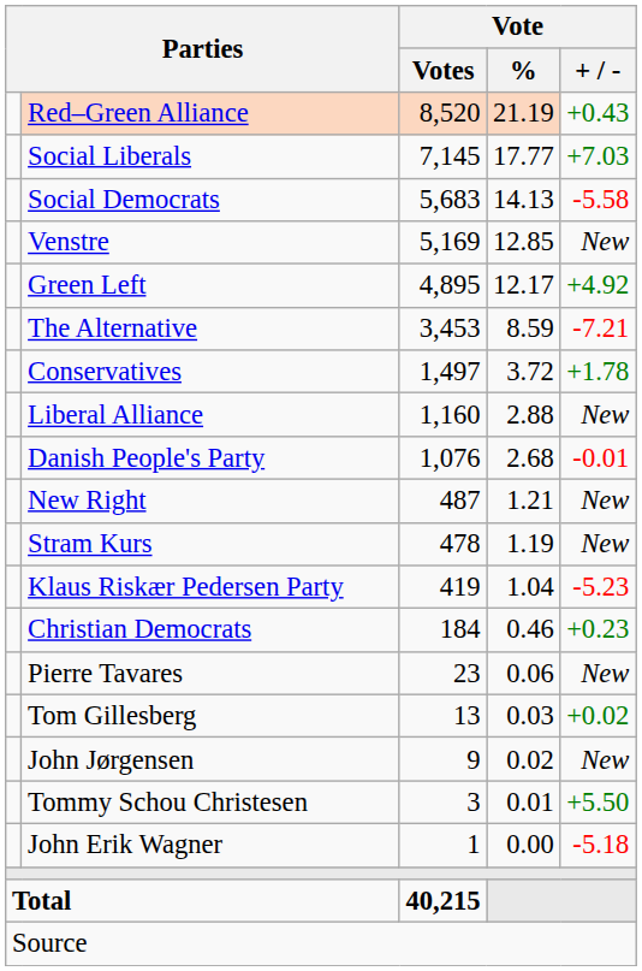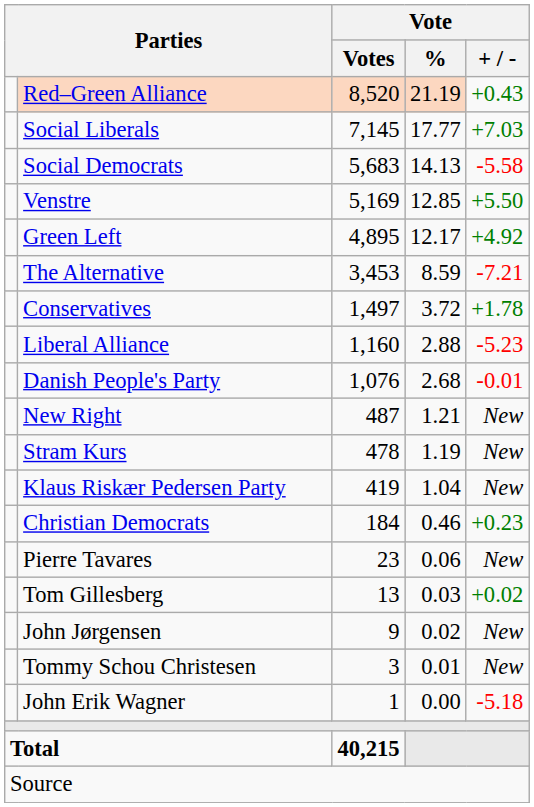 <table class="wikitable" style="text-align:right;">
 <tr>
 <th style="text-align:centre;" rowspan="2" colspan="2" width="225">Parties</th>
 <th colspan="3">Vote</th>
 </tr>
 <tr>
 <th width="15">Votes</th>
 <th width="15">%</th>
 <th width="15">+ / -</th>
 </tr>
 <tr>
 <td width="2" style="color:inherit;background:"></td>
 <td bgcolor=#fcd7c0  align="left"><a href='#'>Red–Green Alliance</a></td>
 <td bgcolor=#fcd7c0>8,520</td>
 <td bgcolor=#fcd7c0>21.19</td>
 <td style=color:green;>+0.43</td>
 </tr>
 <tr>
 <td width="2" style="color:inherit;background:"></td>
 <td align="left"><a href='#'>Social Liberals</a></td>
 <td>7,145</td>
 <td>17.77</td>
 <td style=color:green;>+7.03</td>
 </tr>
 <tr>
 <td width="2" style="color:inherit;background:"></td>
 <td align="left"><a href='#'>Social Democrats</a></td>
 <td>5,683</td>
 <td>14.13</td>
 <td style=color:red;>-5.58</td>
 </tr>
 <tr>
 <td width="2" style="color:inherit;background:"></td>
 <td align="left"><a href='#'>Venstre</a></td>
 <td>5,169</td>
 <td>12.85</td>
-<td><em>New</em></td>
+<td style=color:green;>+5.50</td>
 </tr>
 <tr>
 <td width="2" style="color:inherit;background:"></td>
 <td align="left"><a href='#'>Green Left</a></td>
 <td>4,895</td>
 <td>12.17</td>
 <td style=color:green;>+4.92</td>
 </tr>
 <tr>
 <td width="2" style="color:inherit;background:"></td>
 <td align="left"><a href='#'>The Alternative</a></td>
 <td>3,453</td>
 <td>8.59</td>
 <td style=color:red;>-7.21</td>
 </tr>
 <tr>
 <td width="2" style="color:inherit;background:"></td>
 <td align="left"><a href='#'>Conservatives</a></td>
 <td>1,497</td>
 <td>3.72</td>
 <td style=color:green;>+1.78</td>
 </tr>
 <tr>
 <td width="2" style="color:inherit;background:"></td>
 <td align="left"><a href='#'>Liberal Alliance</a></td>
 <td>1,160</td>
 <td>2.88</td>
-<td><em>New</em></td>
+<td style=color:red;>-5.23</td>
 </tr>
 <tr>
 <td width="2" style="color:inherit;background:"></td>
 <td align="left"><a href='#'>Danish People's Party</a></td>
 <td>1,076</td>
 <td>2.68</td>
 <td style=color:red;>-0.01</td>
 </tr>
 <tr>
 <td width="2" style="color:inherit;background:"></td>
 <td align="left"><a href='#'>New Right</a></td>
 <td>487</td>
 <td>1.21</td>
 <td><em>New</em></td>
 </tr>
 <tr>
 <td width="2" style="color:inherit;background:"></td>
 <td align="left"><a href='#'>Stram Kurs</a></td>
 <td>478</td>
 <td>1.19</td>
 <td><em>New</em></td>
 </tr>
 <tr>
 <td width="2" style="color:inherit;background:"></td>
 <td align="left"><a href='#'>Klaus Riskær Pedersen Party</a></td>
 <td>419</td>
 <td>1.04</td>
-<td style=color:red;>-5.23</td>
+<td><em>New</em></td>
 </tr>
 <tr>
 <td width="2" style="color:inherit;background:"></td>
 <td align="left"><a href='#'>Christian Democrats</a></td>
 <td>184</td>
 <td>0.46</td>
 <td style=color:green;>+0.23</td>
 </tr>
 <tr>
 <td width="2" style="color:inherit;background:"></td>
 <td align="left">Pierre Tavares</td>
 <td>23</td>
 <td>0.06</td>
 <td><em>New</em></td>
 </tr>
 <tr>
 <td width="2" style="color:inherit;background:"></td>
 <td align="left">Tom Gillesberg</td>
 <td>13</td>
 <td>0.03</td>
 <td style=color:green;>+0.02</td>
 </tr>
 <tr>
 <td width="2" style="color:inherit;background:"></td>
 <td align="left">John Jørgensen</td>
 <td>9</td>
 <td>0.02</td>
 <td><em>New</em></td>
 </tr>
 <tr>
 <td width="2" style="color:inherit;background:"></td>
 <td align="left">Tommy Schou Christesen</td>
 <td>3</td>
 <td>0.01</td>
-<td style=color:green;>+5.50</td>
+<td><em>New</em></td>
 </tr>
 <tr>
 <td width="2" style="color:inherit;background:"></td>
 <td align="left">John Erik Wagner</td>
 <td>1</td>
 <td>0.00</td>
 <td style=color:red;>-5.18</td>
 </tr>
 <tr>
 <td colspan="7" bgcolor="#E9E9E9"></td>
 </tr>
 <tr>
 <td align="left" colspan="2"><strong>Total</strong></td>
 <td><strong>40,215</strong></td>
 <td bgcolor="#E9E9E9" colspan="2"></td>
 </tr>
 <tr>
 <td align="left" colspan="6">Source</td>
 </tr>
 </table>
